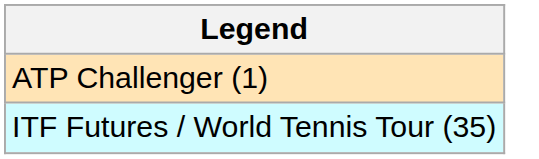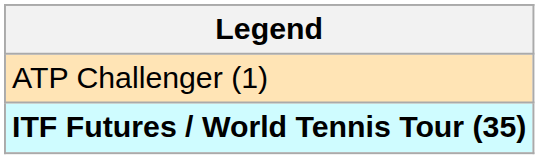 <table class=wikitable style=font-size:97%>
 <tr>
 <th>Legend</th>
 </tr>
 <tr bgcolor=moccasin>
 <td>ATP Challenger (1)</td>
 </tr>
 <tr bgcolor=cffcff>
-<td>ITF Futures / World Tennis Tour (35)</td>
+<td><strong>ITF Futures / World Tennis Tour (35)</strong></td>
 </tr>
 </table>
